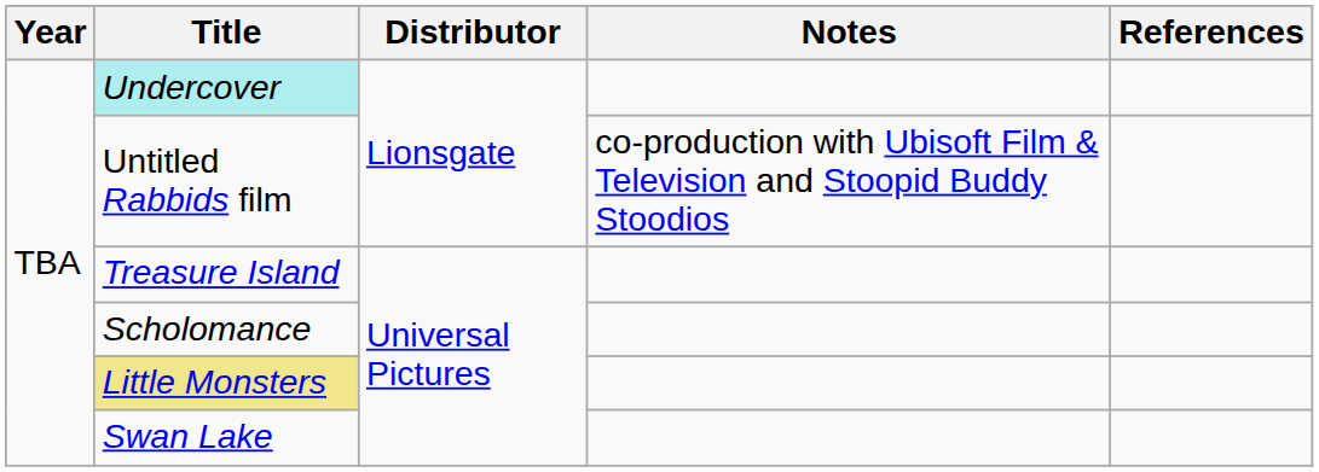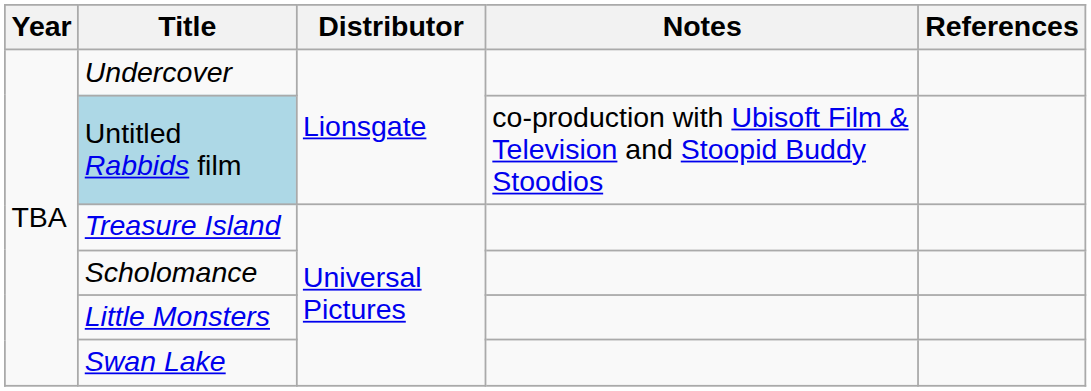 <table class="wikitable sortable mw-collapsible">
 <tr>
 <th>Year</th>
 <th>Title</th>
 <th>Distributor</th>
 <th>Notes</th>
 <th>References</th>
 </tr>
 <tr>
 <td rowspan="6">TBA</td>
-<td style="background: paleturquoise;"><em>Undercover</em></td>
+<td><em>Undercover</em></td>
 <td rowspan="2"><a href='#'>Lionsgate</a></td>
 <td></td>
 <td></td>
 </tr>
 <tr>
-<td>Untitled <em><a href='#'>Rabbids</a></em> film</td>
+<td style="background: lightblue;">Untitled <em><a href='#'>Rabbids</a></em> film</td>
 <td>co-production with <a href='#'>Ubisoft Film & Television</a> and <a href='#'>Stoopid Buddy Stoodios</a></td>
 <td></td>
 </tr>
 <tr>
 <td><em><a href='#'>Treasure Island</a></em></td>
 <td rowspan="5"><a href='#'>Universal Pictures</a></td>
 <td></td>
 <td></td>
 </tr>
 <tr>
 <td><em>Scholomance</em></td>
 <td></td>
 <td></td>
 </tr>
 <tr>
-<td style="background: khaki;"><em><a href='#'>Little Monsters</a></em></td>
+<td><em><a href='#'>Little Monsters</a></em></td>
 <td></td>
 <td></td>
 </tr>
 <tr>
 <td><em><a href='#'>Swan Lake</a></em></td>
 <td></td>
 <td></td>
 </tr>
 </table>
